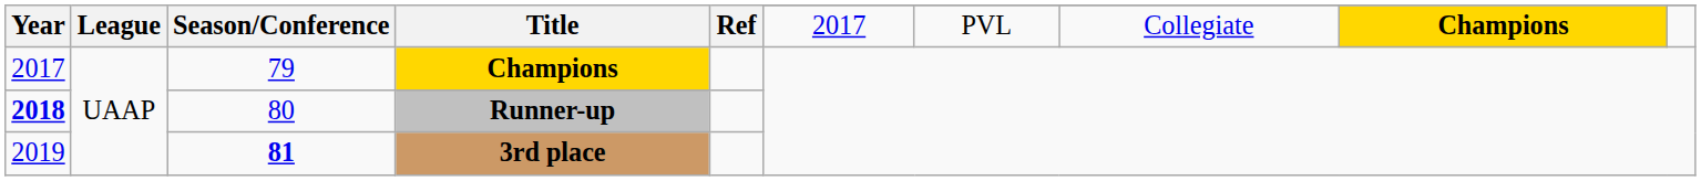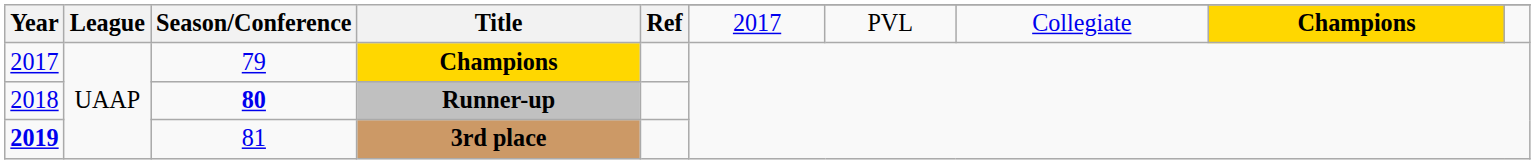 <table class="wikitable sortable" style="text-align:center" width="80%">
 <tr>
 <th style="width:5px;" rowspan="2">Year</th>
 <th style="width:25px;" rowspan="2">League</th>
 <th style="width:100px;" rowspan="2">Season/Conference</th>
 <th style="width:180px;" rowspan="2">Title</th>
 <th style="width:25px;" rowspan="2">Ref</th>
 </tr>
 <tr align=center>
 <td><a href='#'>2017</a></td>
 <td>PVL</td>
 <td><a href='#'>Collegiate</a></td>
 <td style="background:gold;"><strong>Champions</strong></td>
 <td></td>
 </tr>
 <tr align=center>
 <td><a href='#'>2017</a></td>
 <td rowspan=3>UAAP</td>
 <td><a href='#'>79</a></td>
 <td style="background:gold;"><strong>Champions</strong></td>
 <td></td>
 </tr>
 <tr align=center>
-<td><strong><a href='#'>2018</a></strong></td>
-<td><a href='#'>80</a></td>
+<td><a href='#'>2018</a></td>
+<td><strong><a href='#'>80</a></strong></td>
 <td style="background:silver;"><strong>Runner-up</strong></td>
 <td></td>
 </tr>
 <tr align=center>
-<td><a href='#'>2019</a></td>
-<td><strong><a href='#'>81</a></strong></td>
+<td><strong><a href='#'>2019</a></strong></td>
+<td><a href='#'>81</a></td>
 <td style="background:#cc9966;"><strong>3rd place</strong></td>
 <td></td>
 </tr>
 </table>
